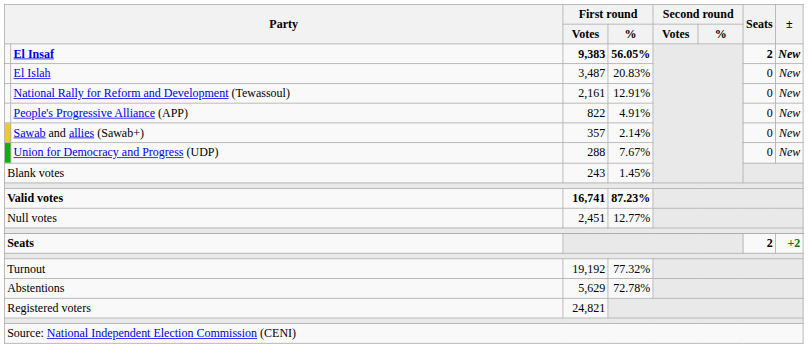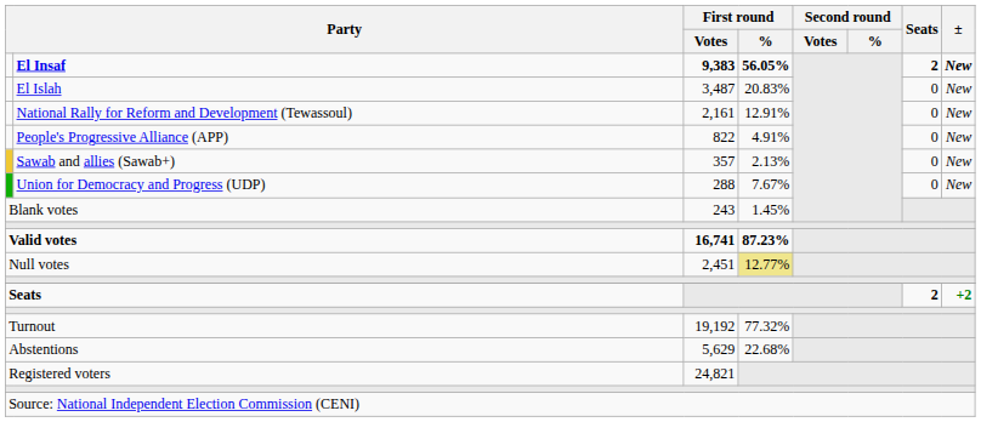 <table class="wikitable" style="text-align:right;font-size:95%;">
 <tr>
 <th rowspan="2" colspan="2" width="700">Party</th>
 <th colspan="2">First round</th>
 <th colspan="2">Second round</th>
 <th rowspan="2" width="25">Seats</th>
 <th rowspan="2" width="20">±</th>
 </tr>
 <tr>
 <th width="50">Votes</th>
 <th width="50">%</th>
 <th width="50">Votes</th>
 <th width="50">%</th>
 </tr>
 <tr>
 <td width="1" style="color:inherit;background:"></td>
 <td style="text-align:left;"><strong><a href='#'>El Insaf</a></strong></td>
 <td><strong>9,383</strong></td>
 <td><strong>56.05%</strong></td>
 <td colspan="2" rowspan="7" style="background:#E9E9E9;"></td>
 <td><strong>2</strong></td>
 <td><strong><em>New</em></strong></td>
 </tr>
 <tr>
 <td width="1" style="color:inherit;background:"></td>
 <td style="text-align:left;"><a href='#'>El Islah</a></td>
 <td>3,487</td>
 <td>20.83%</td>
 <td>0</td>
 <td><em>New</em></td>
 </tr>
 <tr>
 <td width="1" style="color:inherit;background:"></td>
 <td style="text-align:left;"><a href='#'>National Rally for Reform and Development</a> (Tewassoul)</td>
 <td>2,161</td>
 <td>12.91%</td>
 <td>0</td>
 <td><em>New</em></td>
 </tr>
 <tr>
 <td width="1" style="color:inherit;background:"></td>
 <td style="text-align:left;"><a href='#'>People's Progressive Alliance</a> (APP)</td>
 <td>822</td>
 <td>4.91%</td>
 <td>0</td>
 <td><em>New</em></td>
 </tr>
 <tr>
 <td width="1" style="color:inherit;background:#F0C832;"></td>
 <td style="text-align:left;"><a href='#'>Sawab</a> and <a href='#'>allies</a> (Sawab+)</td>
 <td>357</td>
-<td>2.14%</td>
+<td>2.13%</td>
 <td>0</td>
 <td><em>New</em></td>
 </tr>
 <tr>
 <td width="1" style="color:inherit;background:#0FAF05;"></td>
 <td style="text-align:left;"><a href='#'>Union for Democracy and Progress</a> (UDP)</td>
 <td>288</td>
 <td>7.67%</td>
 <td>0</td>
 <td><em>New</em></td>
 </tr>
 <tr>
 <td colspan="2" style="text-align:left;">Blank votes</td>
 <td>243</td>
 <td>1.45%</td>
 <td colspan="4" style="background:#E9E9E9;"></td>
 </tr>
 <tr>
 <td colspan="8" style="background:#E9E9E9;"></td>
 </tr>
 <tr style="font-weight:bold;">
 <td colspan="2" style="text-align:left;">Valid votes</td>
 <td>16,741</td>
 <td>87.23%</td>
 <td colspan="4" style="background:#E9E9E9;"></td>
 </tr>
 <tr>
 <td colspan="2" style="text-align:left;">Null votes</td>
 <td>2,451</td>
-<td>12.77%</td>
+<td style="background: khaki;">12.77%</td>
 <td colspan="4" style="background:#E9E9E9;"></td>
 </tr>
 <tr>
 <td colspan="8" style="background:#E9E9E9;"></td>
 </tr>
 <tr>
 </tr>
 <tr style="font-weight:bold;">
 <td colspan="2" style="text-align:left;">Seats</td>
 <td colspan="4" style="background:#E9E9E9;"></td>
 <td>2</td>
 <td style="color:green;">+2</td>
 </tr>
 <tr>
 <td colspan="8" style="background:#E9E9E9;"></td>
 </tr>
 <tr>
 <td colspan="2" style="text-align:left;">Turnout</td>
 <td>19,192</td>
 <td>77.32%</td>
 <td colspan="4" style="background:#E9E9E9;"></td>
 </tr>
 <tr>
 <td colspan="2" style="text-align:left;">Abstentions</td>
 <td>5,629</td>
-<td>72.78%</td>
+<td>22.68%</td>
 <td colspan="4" style="background:#E9E9E9;"></td>
 </tr>
 <tr>
 <td colspan="2" style="text-align:left;">Registered voters</td>
 <td>24,821</td>
 <td colspan="5" style="background:#E9E9E9;"></td>
 </tr>
 <tr>
 <td colspan="8" style="background:#E9E9E9;"></td>
 </tr>
 <tr>
 <td colspan="8" style="text-align:left;">Source: <a href='#'>National Independent Election Commission</a> (CENI)</td>
 </tr>
 </table>
